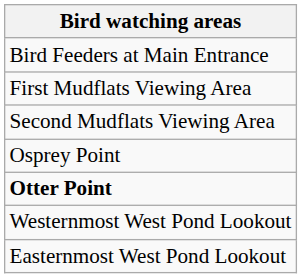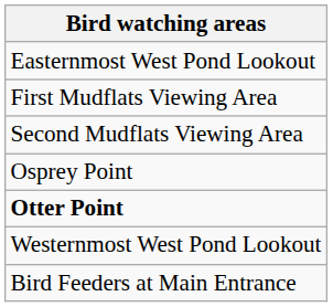 <table class="wikitable">
 <tr>
 <th>Bird watching areas</th>
 </tr>
 <tr>
-<td>Bird Feeders at Main Entrance</td>
+<td>Easternmost West Pond Lookout</td>
 </tr>
 <tr>
 <td>First Mudflats Viewing Area</td>
 </tr>
 <tr>
 <td>Second Mudflats Viewing Area</td>
 </tr>
 <tr>
 <td>Osprey Point</td>
 </tr>
 <tr>
 <td><strong>Otter Point</strong></td>
 </tr>
 <tr>
 <td>Westernmost West Pond Lookout</td>
 </tr>
 <tr>
-<td>Easternmost West Pond Lookout</td>
+<td>Bird Feeders at Main Entrance</td>
 </tr>
 </table>
